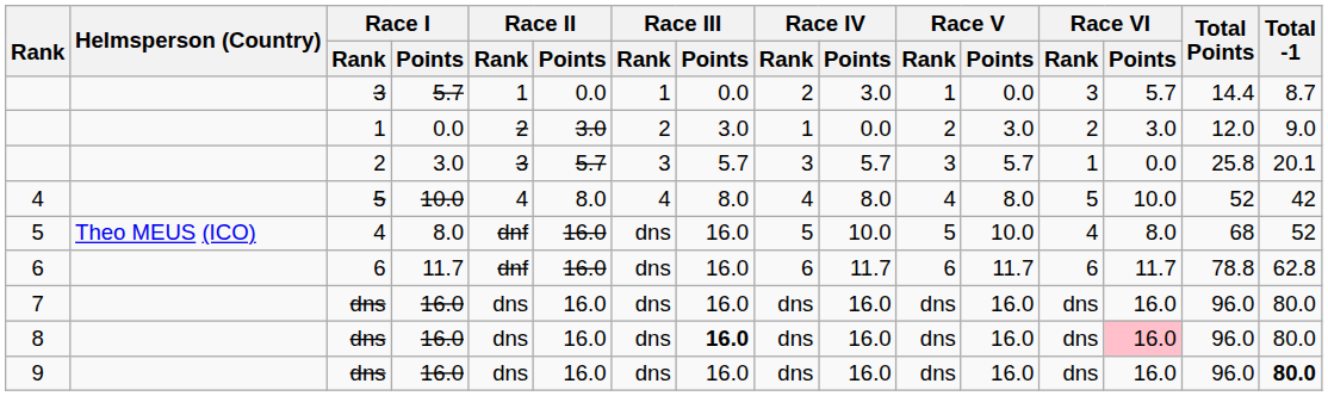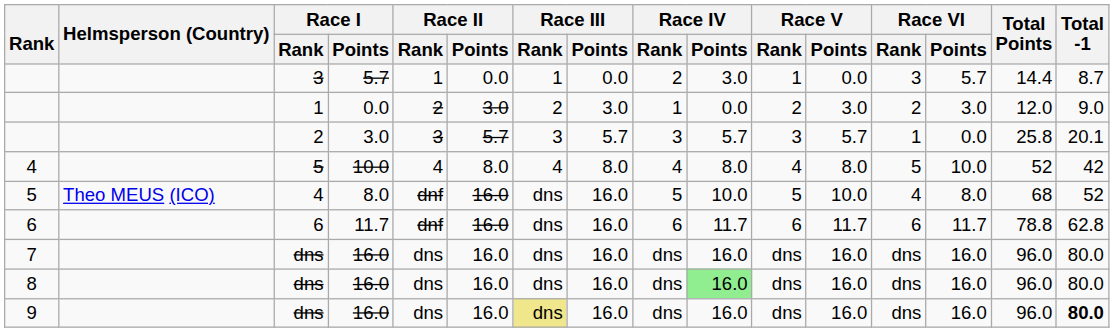 <table class="wikitable" style="text-align:right; font-size:90%">
 <tr>
 <th rowspan=2><br>Rank</th>
 <th rowspan=2>Helmsperson (Country)</th>
 <th colspan=2>Race I</th>
 <th colspan=2>Race II</th>
 <th colspan=2>Race III</th>
 <th colspan=2>Race IV</th>
 <th colspan=2>Race V</th>
 <th colspan=2>Race VI</th>
 <th rowspan=2>Total <br>Points <br></th>
 <th rowspan=2>Total<br>-1<br></th>
 </tr>
 <tr>
 <th>Rank</th>
 <th>Points</th>
 <th>Rank</th>
 <th>Points</th>
 <th>Rank</th>
 <th>Points</th>
 <th>Rank</th>
 <th>Points</th>
 <th>Rank</th>
 <th>Points</th>
 <th>Rank</th>
 <th>Points</th>
 </tr>
 <tr style="vertical-align:top;">
 <td align=center></td>
 <td align=left></td>
 <td><s>3</s></td>
 <td><s>5.7</s></td>
 <td>1</td>
 <td>0.0</td>
 <td>1</td>
 <td>0.0</td>
 <td>2</td>
 <td>3.0</td>
 <td>1</td>
 <td>0.0</td>
 <td>3</td>
 <td>5.7</td>
 <td>14.4</td>
 <td>8.7</td>
 </tr>
 <tr>
 <td align=center></td>
 <td align=left></td>
 <td>1</td>
 <td>0.0</td>
 <td><s>2</s></td>
 <td><s>3.0</s></td>
 <td>2</td>
 <td>3.0</td>
 <td>1</td>
 <td>0.0</td>
 <td>2</td>
 <td>3.0</td>
 <td>2</td>
 <td>3.0</td>
 <td>12.0</td>
 <td>9.0</td>
 </tr>
 <tr>
 <td align=center></td>
 <td align=left></td>
 <td>2</td>
 <td>3.0</td>
 <td><s>3</s></td>
 <td><s>5.7</s></td>
 <td>3</td>
 <td>5.7</td>
 <td>3</td>
 <td>5.7</td>
 <td>3</td>
 <td>5.7</td>
 <td>1</td>
 <td>0.0</td>
 <td>25.8</td>
 <td>20.1</td>
 </tr>
 <tr>
 <td align=center>4</td>
 <td align=left></td>
 <td><s>5</s></td>
 <td><s>10.0</s></td>
 <td>4</td>
 <td>8.0</td>
 <td>4</td>
 <td>8.0</td>
 <td>4</td>
 <td>8.0</td>
 <td>4</td>
 <td>8.0</td>
 <td>5</td>
 <td>10.0</td>
 <td>52</td>
 <td>42</td>
 </tr>
 <tr>
 <td align=center>5</td>
 <td align=left> <a href='#'>Theo MEUS</a> <a href='#'>(ICO)</a></td>
 <td>4</td>
 <td>8.0</td>
 <td><s>dnf</s></td>
 <td><s>16.0</s></td>
 <td>dns</td>
 <td>16.0</td>
 <td>5</td>
 <td>10.0</td>
 <td>5</td>
 <td>10.0</td>
 <td>4</td>
 <td>8.0</td>
 <td>68</td>
 <td>52</td>
 </tr>
 <tr>
 <td align=center>6</td>
 <td align=left></td>
 <td>6</td>
 <td>11.7</td>
 <td><s>dnf</s></td>
 <td><s>16.0</s></td>
 <td>dns</td>
 <td>16.0</td>
 <td>6</td>
 <td>11.7</td>
 <td>6</td>
 <td>11.7</td>
 <td>6</td>
 <td>11.7</td>
 <td>78.8</td>
 <td>62.8</td>
 </tr>
 <tr>
 <td align=center>7</td>
 <td align=left></td>
 <td><s>dns</s></td>
 <td><s>16.0</s></td>
 <td>dns</td>
 <td>16.0</td>
 <td>dns</td>
 <td>16.0</td>
 <td>dns</td>
 <td>16.0</td>
 <td>dns</td>
 <td>16.0</td>
 <td>dns</td>
 <td>16.0</td>
 <td>96.0</td>
 <td>80.0</td>
 </tr>
 <tr>
 <td align=center>8</td>
 <td align=left></td>
 <td><s>dns</s></td>
 <td><s>16.0</s></td>
 <td>dns</td>
 <td>16.0</td>
 <td>dns</td>
-<td><strong>16.0</strong></td>
+<td>16.0</td>
+<td>dns</td>
+<td style="background: lightgreen;">16.0</td>
 <td>dns</td>
 <td>16.0</td>
 <td>dns</td>
 <td>16.0</td>
-<td>dns</td>
-<td style="background: pink;">16.0</td>
 <td>96.0</td>
 <td>80.0</td>
 </tr>
 <tr>
 <td align=center>9</td>
 <td align=left></td>
 <td><s>dns</s></td>
 <td><s>16.0</s></td>
 <td>dns</td>
 <td>16.0</td>
-<td>dns</td>
+<td style="background: khaki;">dns</td>
 <td>16.0</td>
 <td>dns</td>
 <td>16.0</td>
 <td>dns</td>
 <td>16.0</td>
 <td>dns</td>
 <td>16.0</td>
 <td>96.0</td>
 <td><strong>80.0</strong></td>
 </tr>
 </table>
